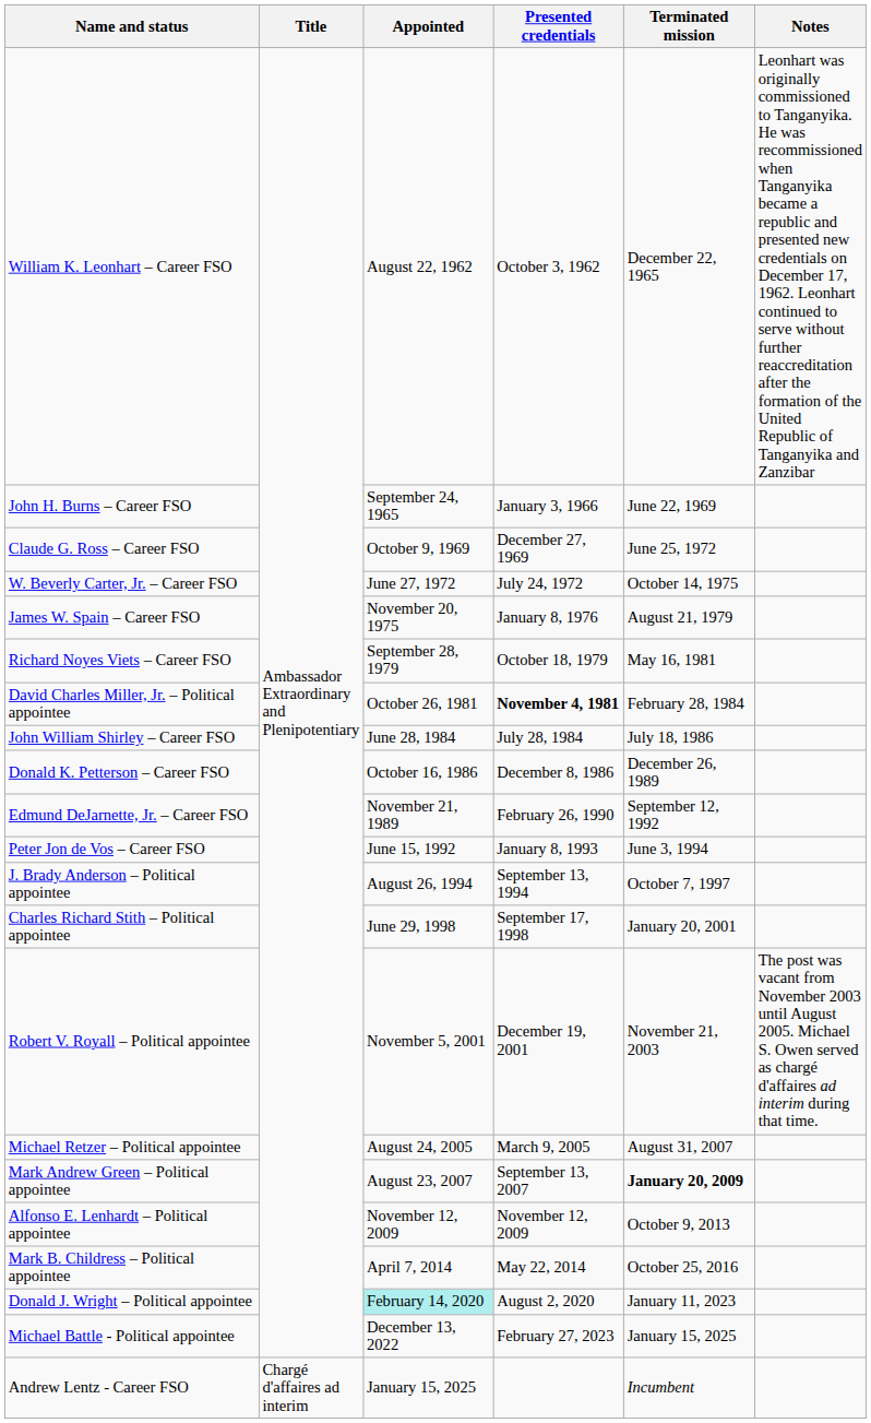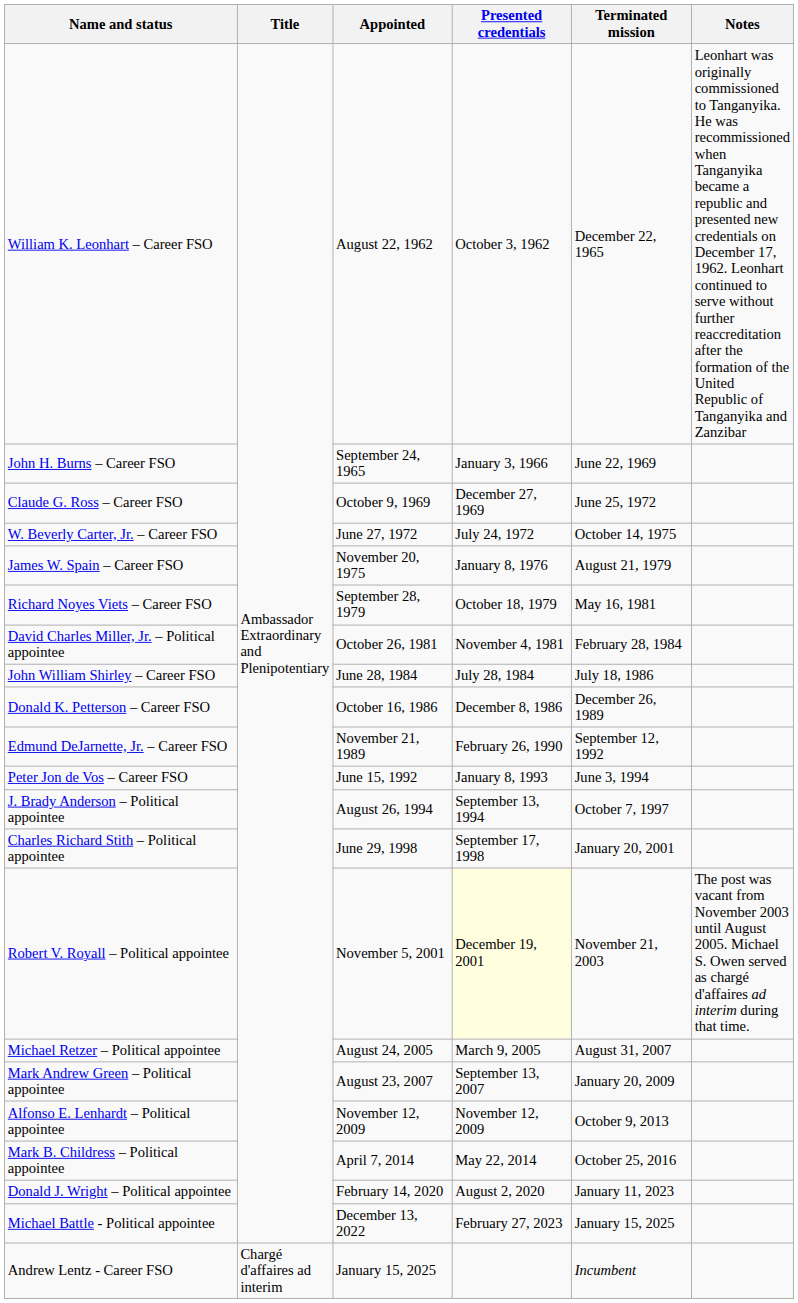 <table class="wikitable">
 <tr>
 <th width=270>Name and status</th>
 <th>Title</th>
 <th width=130>Appointed</th>
 <th width=130><a href='#'>Presented credentials</a></th>
 <th width=130>Terminated mission</th>
 <th>Notes</th>
 </tr>
 <tr>
 <td><a href='#'>William K. Leonhart</a> – Career FSO</td>
 <td rowspan=20>Ambassador Extraordinary<br>and Plenipotentiary</td>
 <td>August 22, 1962</td>
 <td>October 3, 1962</td>
 <td>December 22, 1965</td>
 <td>Leonhart was originally commissioned to Tanganyika. He was recommissioned when Tanganyika became a republic and presented new credentials on December 17, 1962. Leonhart continued to serve without further reaccreditation after the formation of the United Republic of Tanganyika and Zanzibar</td>
 </tr>
 <tr>
 <td><a href='#'>John H. Burns</a> – Career FSO</td>
 <td>September 24, 1965</td>
 <td>January 3, 1966</td>
 <td>June 22, 1969</td>
 <td></td>
 </tr>
 <tr>
 <td><a href='#'>Claude G. Ross</a> – Career FSO</td>
 <td>October 9, 1969</td>
 <td>December 27, 1969</td>
 <td>June 25, 1972</td>
 <td></td>
 </tr>
 <tr>
 <td><a href='#'>W. Beverly Carter, Jr.</a> – Career FSO</td>
 <td>June 27, 1972</td>
 <td>July 24, 1972</td>
 <td>October 14, 1975</td>
 <td></td>
 </tr>
 <tr>
 <td><a href='#'>James W. Spain</a> – Career FSO</td>
 <td>November 20, 1975</td>
 <td>January 8, 1976</td>
 <td>August 21, 1979</td>
 <td></td>
 </tr>
 <tr>
 <td><a href='#'>Richard Noyes Viets</a> – Career FSO</td>
 <td>September 28, 1979</td>
 <td>October 18, 1979</td>
 <td>May 16, 1981</td>
 <td></td>
 </tr>
 <tr>
 <td><a href='#'>David Charles Miller, Jr.</a> – Political appointee</td>
 <td>October 26, 1981</td>
-<td><strong>November 4, 1981</strong></td>
+<td>November 4, 1981</td>
 <td>February 28, 1984</td>
 <td></td>
 </tr>
 <tr>
 <td><a href='#'>John William Shirley</a> – Career FSO</td>
 <td>June 28, 1984</td>
 <td>July 28, 1984</td>
 <td>July 18, 1986</td>
 <td></td>
 </tr>
 <tr>
 <td><a href='#'>Donald K. Petterson</a> – Career FSO</td>
 <td>October 16, 1986</td>
 <td>December 8, 1986</td>
 <td>December 26, 1989</td>
 <td></td>
 </tr>
 <tr>
 <td><a href='#'>Edmund DeJarnette, Jr.</a> – Career FSO</td>
 <td>November 21, 1989</td>
 <td>February 26, 1990</td>
 <td>September 12, 1992</td>
 <td></td>
 </tr>
 <tr>
 <td><a href='#'>Peter Jon de Vos</a> – Career FSO</td>
 <td>June 15, 1992</td>
 <td>January 8, 1993</td>
 <td>June 3, 1994</td>
 <td></td>
 </tr>
 <tr>
 <td><a href='#'>J. Brady Anderson</a> – Political appointee</td>
 <td>August 26, 1994</td>
 <td>September 13, 1994</td>
 <td>October 7, 1997</td>
 <td></td>
 </tr>
 <tr>
 <td><a href='#'>Charles Richard Stith</a> – Political appointee</td>
 <td>June 29, 1998</td>
 <td>September 17, 1998</td>
 <td>January 20, 2001</td>
 <td></td>
 </tr>
 <tr>
 <td><a href='#'>Robert V. Royall</a> – Political appointee</td>
 <td>November 5, 2001</td>
-<td>December 19, 2001</td>
+<td style="background: lightyellow;">December 19, 2001</td>
 <td>November 21, 2003</td>
 <td>The post was vacant from November 2003 until August 2005. Michael S. Owen served as chargé d'affaires <em>ad interim</em> during that time.</td>
 </tr>
 <tr>
 <td><a href='#'>Michael Retzer</a> – Political appointee</td>
 <td>August 24, 2005</td>
 <td>March 9, 2005</td>
 <td>August 31, 2007</td>
 <td></td>
 </tr>
 <tr>
 <td><a href='#'>Mark Andrew Green</a> – Political appointee</td>
 <td>August 23, 2007</td>
 <td>September 13, 2007</td>
-<td><strong>January 20, 2009</strong></td>
+<td>January 20, 2009</td>
 <td></td>
 </tr>
 <tr>
 <td><a href='#'>Alfonso E. Lenhardt</a> – Political appointee</td>
 <td>November 12, 2009</td>
 <td>November 12, 2009</td>
 <td>October 9, 2013</td>
 <td></td>
 </tr>
 <tr>
 <td><a href='#'>Mark B. Childress</a> – Political appointee</td>
 <td>April 7, 2014</td>
 <td>May 22, 2014</td>
 <td>October 25, 2016</td>
 <td></td>
 </tr>
 <tr>
 <td><a href='#'>Donald J. Wright</a> – Political appointee</td>
-<td style="background: paleturquoise;">February 14, 2020</td>
+<td>February 14, 2020</td>
 <td>August 2, 2020</td>
 <td>January 11, 2023</td>
 <td></td>
 </tr>
 <tr>
 <td><a href='#'>Michael Battle</a> - Political appointee</td>
 <td>December 13, 2022</td>
 <td>February 27, 2023</td>
 <td>January 15, 2025</td>
 <td></td>
 </tr>
 <tr>
 <td>Andrew Lentz - Career FSO</td>
 <td>Chargé d'affaires ad interim</td>
 <td>January 15, 2025</td>
 <td></td>
 <td><em>Incumbent</em></td>
 <td></td>
 </tr>
 </table>
